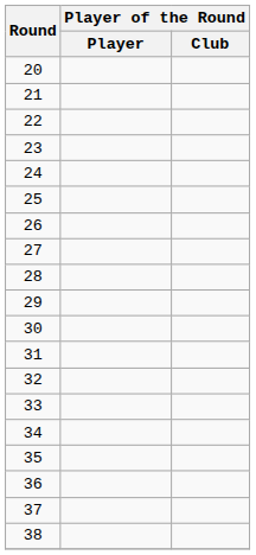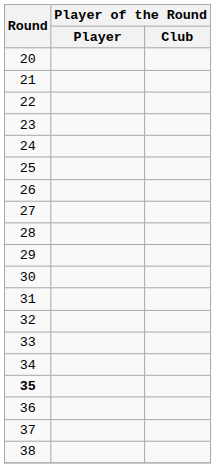 <table class="wikitable">
 <tr>
 <th rowspan=2>Round</th>
 <th colspan=2>Player of the Round</th>
 </tr>
 <tr>
 <th>Player</th>
 <th>Club</th>
 </tr>
 <tr>
 <td align=center>20</td>
 <td></td>
 <td></td>
 </tr>
 <tr>
 <td align=center>21</td>
 <td></td>
 <td></td>
 </tr>
 <tr>
 <td align=center>22</td>
 <td></td>
 <td></td>
 </tr>
 <tr>
 <td align=center>23</td>
 <td></td>
 <td></td>
 </tr>
 <tr>
 <td align=center>24</td>
 <td></td>
 <td></td>
 </tr>
 <tr>
 <td align=center>25</td>
 <td></td>
 <td></td>
 </tr>
 <tr>
 <td align=center>26</td>
 <td></td>
 <td></td>
 </tr>
 <tr>
 <td align=center>27</td>
 <td></td>
 <td></td>
 </tr>
 <tr>
 <td align=center>28</td>
 <td></td>
 <td></td>
 </tr>
 <tr>
 <td align=center>29</td>
 <td></td>
 <td></td>
 </tr>
 <tr>
 <td align=center>30</td>
 <td></td>
 <td></td>
 </tr>
 <tr>
 <td align=center>31</td>
 <td></td>
 <td></td>
 </tr>
 <tr>
 <td align=center>32</td>
 <td></td>
 <td></td>
 </tr>
 <tr>
 <td align=center>33</td>
 <td></td>
 <td></td>
 </tr>
 <tr>
 <td align=center>34</td>
 <td></td>
 <td></td>
 </tr>
 <tr>
-<td align=center>35</td>
+<td align=center><strong>35</strong></td>
 <td></td>
 <td></td>
 </tr>
 <tr>
 <td align=center>36</td>
 <td></td>
 <td></td>
 </tr>
 <tr>
 <td align=center>37</td>
 <td></td>
 <td></td>
 </tr>
 <tr>
 <td align=center>38</td>
 <td></td>
 <td></td>
 </tr>
 <tr>
 </tr>
 </table>
